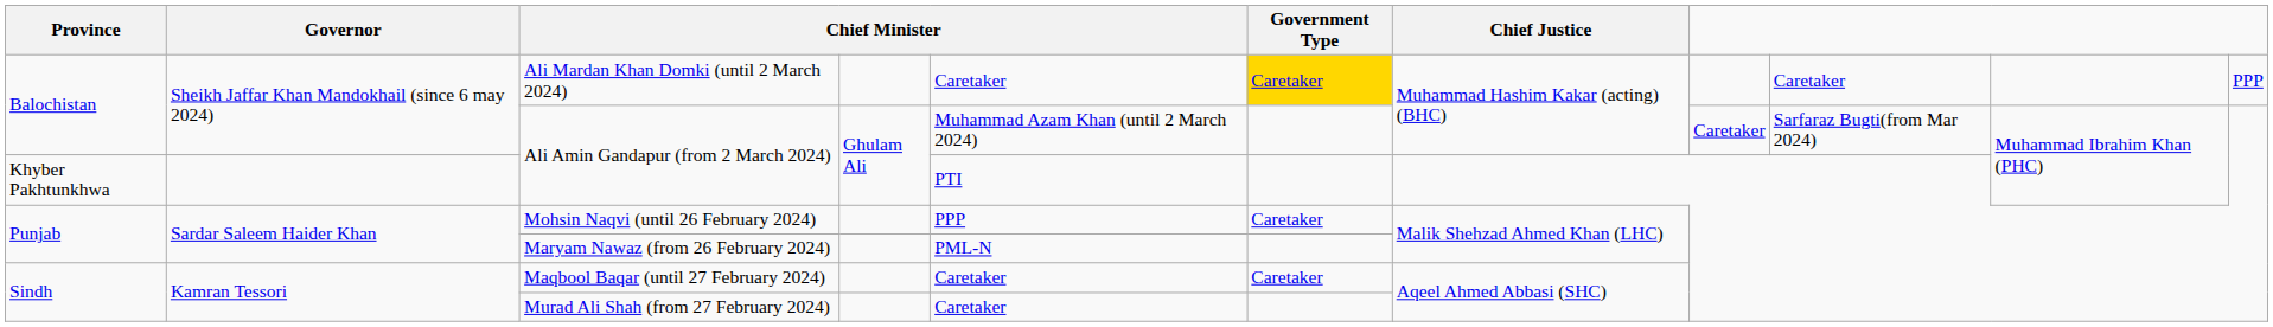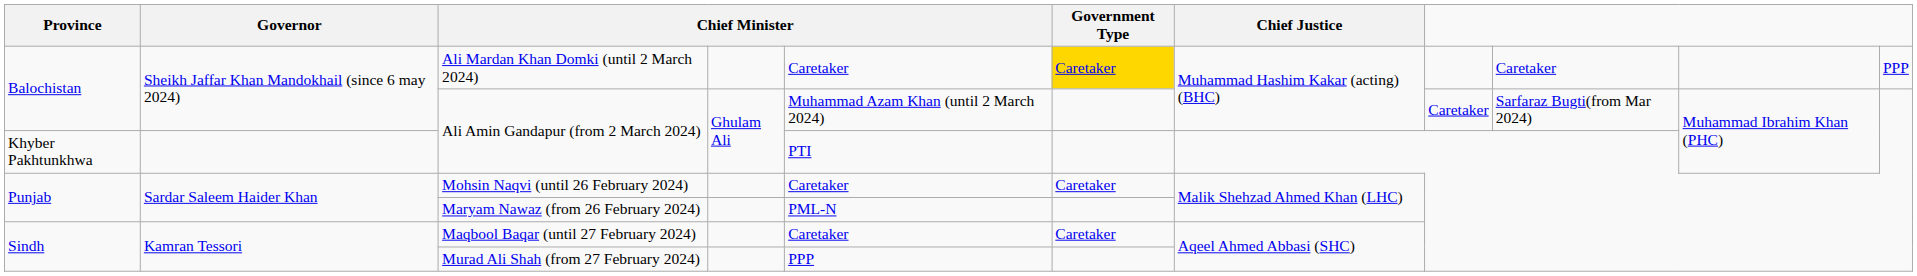 <table class="wikitable">
 <tr>
 <th>Province</th>
 <th>Governor</th>
 <th colspan="3">Chief Minister</th>
 <th>Government Type</th>
 <th>Chief Justice</th>
 </tr>
 <tr>
 <td rowspan="2"><a href='#'>Balochistan</a></td>
 <td rowspan="2"><a href='#'>Sheikh Jaffar Khan Mandokhail</a> (since 6 may 2024)</td>
 <td><a href='#'>Ali Mardan Khan Domki</a> (until 2 March 2024)</td>
 <td></td>
 <td><a href='#'>Caretaker</a></td>
 <td style="background: gold;"><a href='#'>Caretaker</a></td>
 <td rowspan="2"><a href='#'>Muhammad Hashim Kakar</a> (acting) (<a href='#'>BHC</a>)</td>
 <td></td>
 <td><a href='#'>Caretaker</a></td>
 <td style="background-color: "></td>
 <td><a href='#'>PPP</a></td>
 </tr>
 <tr>
 <td rowspan="2">Ali Amin Gandapur (from 2 March 2024)</td>
 <td rowspan="2"><a href='#'>Ghulam Ali</a></td>
 <td><a href='#'>Muhammad Azam Khan</a> (until 2 March 2024)</td>
 <td></td>
 <td><a href='#'>Caretaker</a></td>
 <td><a href='#'>Sarfaraz Bugti</a>(from Mar 2024)</td>
 <td rowspan="2"><a href='#'>Muhammad Ibrahim Khan</a> (<a href='#'>PHC</a>)</td>
 </tr>
 <tr>
 <td>Khyber Pakhtunkhwa</td>
 <td style="background-color: "></td>
 <td><a href='#'>PTI</a></td>
 <td></td>
 </tr>
 <tr>
 <td rowspan="2"><a href='#'>Punjab</a></td>
 <td rowspan="2"><a href='#'>Sardar Saleem Haider Khan</a></td>
 <td><a href='#'>Mohsin Naqvi</a> (until 26 February 2024)</td>
 <td></td>
-<td><a href='#'>PPP</a></td>
+<td><a href='#'>Caretaker</a></td>
 <td><a href='#'>Caretaker</a></td>
 <td rowspan="2"><a href='#'>Malik Shehzad Ahmed Khan</a> (<a href='#'>LHC</a>)</td>
 </tr>
 <tr>
 <td><a href='#'>Maryam Nawaz</a> (from 26 February 2024)</td>
 <td style="background-color: "></td>
 <td><a href='#'>PML-N</a></td>
 <td></td>
 </tr>
 <tr>
 <td rowspan="2"><a href='#'>Sindh</a></td>
 <td rowspan="2"><a href='#'>Kamran Tessori</a></td>
 <td><a href='#'>Maqbool Baqar</a> (until 27 February 2024)</td>
 <td></td>
 <td><a href='#'>Caretaker</a></td>
 <td><a href='#'>Caretaker</a></td>
 <td rowspan="2"><a href='#'>Aqeel Ahmed Abbasi</a> (<a href='#'>SHC</a>)</td>
 </tr>
 <tr>
 <td><a href='#'>Murad Ali Shah</a> (from 27 February 2024)</td>
 <td style="background-color: "></td>
-<td><a href='#'>Caretaker</a></td>
+<td><a href='#'>PPP</a></td>
 <td></td>
 </tr>
 </table>
